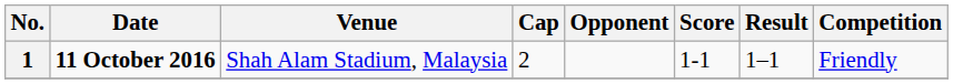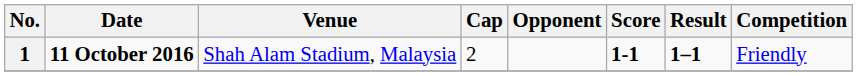 <table class="wikitable sortable plainrowheaders">
 <tr>
 <th scope=col>No.</th>
 <th scope=col data-sort-type=date>Date</th>
 <th scope=col>Venue</th>
 <th scope=col>Cap</th>
 <th scope=col>Opponent</th>
 <th scope=col>Score</th>
 <th scope=col>Result</th>
 <th scope=col>Competition</th>
 </tr>
 <tr>
 <th scope=row>1</th>
 <td><strong>11 October 2016</strong></td>
 <td><a href='#'>Shah Alam Stadium</a>, <a href='#'>Malaysia</a></td>
 <td>2</td>
 <td></td>
-<td>1-1</td>
-<td>1–1</td>
+<td><strong>1-1</strong></td>
+<td><strong>1–1</strong></td>
 <td><a href='#'>Friendly</a></td>
 </tr>
 <tr>
 </tr>
 </table>
